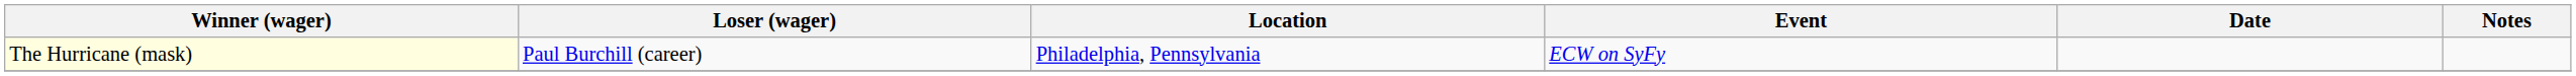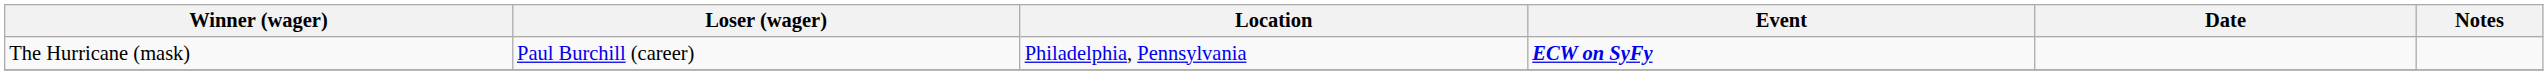 <table class="wikitable" width=100%>
 <tr>
 <th width=20%>Winner (wager)</th>
 <th width=20%>Loser (wager)</th>
 <th width=20%>Location</th>
 <th width=20%>Event</th>
 <th width=15%>Date</th>
 <th width=5%>Notes</th>
 </tr>
 <tr>
-<td style="background: lightyellow;">The Hurricane (mask)</td>
+<td>The Hurricane (mask)</td>
 <td><a href='#'>Paul Burchill</a> (career)</td>
 <td><a href='#'>Philadelphia</a>, <a href='#'>Pennsylvania</a></td>
-<td><em><a href='#'>ECW on SyFy</a></em></td>
+<td><strong><em><a href='#'>ECW on SyFy</a></em></strong></td>
 <td></td>
 <td></td>
 </tr>
 <tr>
 </tr>
 </table>
